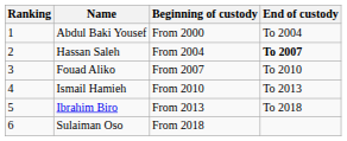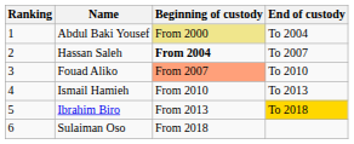 <table class="wikitable">
 <tr>
 <th>Ranking</th>
 <th>Name</th>
 <th>Beginning of custody</th>
 <th>End of custody</th>
 </tr>
 <tr>
 <td>1</td>
 <td>Abdul Baki Yousef</td>
-<td>From 2000</td>
+<td style="background: khaki;">From 2000</td>
 <td>To 2004</td>
 </tr>
 <tr>
 <td>2</td>
 <td>Hassan Saleh</td>
-<td>From 2004</td>
-<td><strong>To 2007</strong></td>
+<td><strong>From 2004</strong></td>
+<td>To 2007</td>
 </tr>
 <tr>
 <td>3</td>
 <td>Fouad Aliko</td>
-<td>From 2007</td>
+<td style="background: lightsalmon;">From 2007</td>
 <td>To 2010</td>
 </tr>
 <tr>
 <td>4</td>
 <td>Ismail Hamieh</td>
 <td>From 2010</td>
 <td>To 2013</td>
 </tr>
 <tr>
 <td>5</td>
 <td><a href='#'>Ibrahim Biro</a></td>
 <td>From 2013</td>
-<td>To 2018</td>
+<td style="background: gold;">To 2018</td>
 </tr>
 <tr>
 <td>6</td>
 <td>Sulaiman Oso</td>
 <td>From 2018</td>
 </tr>
 </table>
